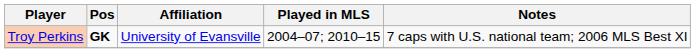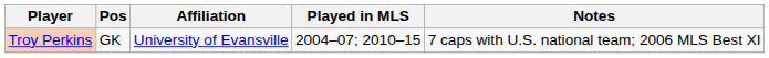 <table class="wikitable sortable">
 <tr>
 <th>Player</th>
 <th>Pos</th>
 <th>Affiliation</th>
 <th>Played in MLS</th>
 <th>Notes</th>
 </tr>
 <tr>
 <td bgcolor="#FBCEB1"><a href='#'>Troy Perkins</a></td>
-<td><strong>GK</strong></td>
+<td>GK</td>
 <td><a href='#'>University of Evansville</a></td>
 <td>2004–07; 2010–15</td>
 <td>7 caps with U.S. national team; 2006 MLS Best XI</td>
 </tr>
 <tr>
 </tr>
 </table>
